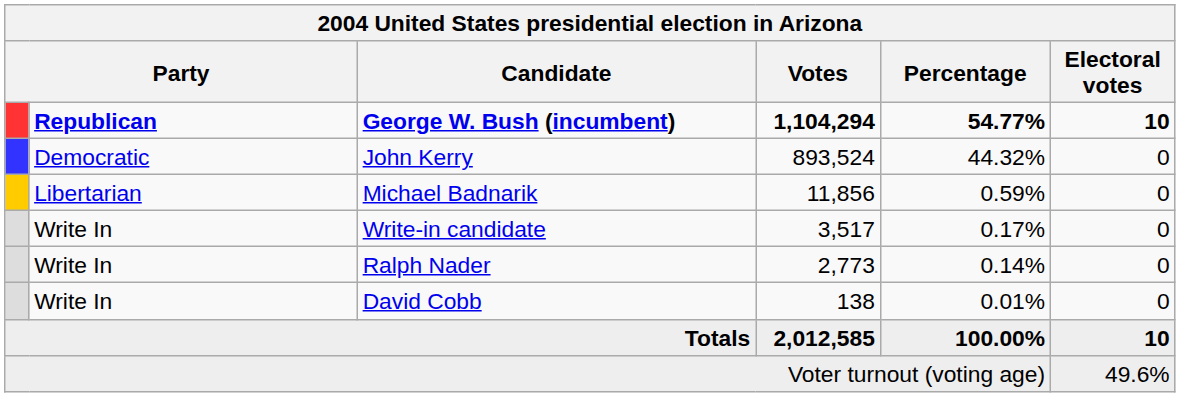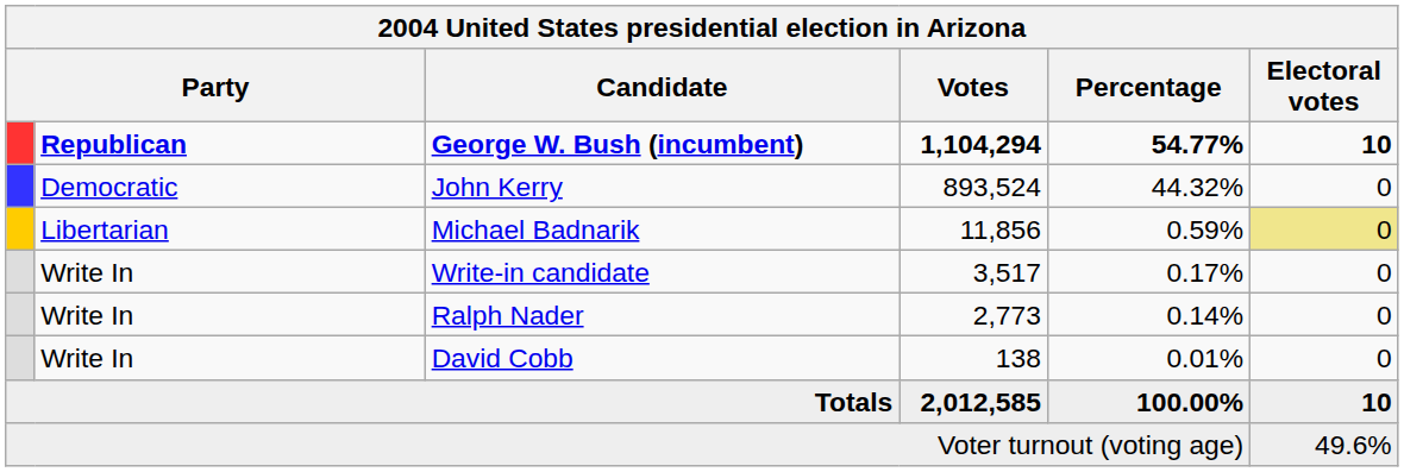 <table class="wikitable" style="font-size: 95%;">
 <tr>
 <th colspan="6">2004 United States presidential election in Arizona</th>
 </tr>
 <tr>
 <th colspan="2" style="width: 15em">Party</th>
 <th style="width: 17em">Candidate</th>
 <th style="width: 5em">Votes</th>
 <th style="width: 7em">Percentage</th>
 <th style="width: 5em">Electoral votes</th>
 </tr>
 <tr>
 <th style="background:#f33; width:3px;"></th>
 <td style="width: 130px"><strong><a href='#'>Republican</a></strong></td>
 <td><strong><a href='#'>George W. Bush</a> (<a href='#'>incumbent</a>)</strong></td>
 <td style="text-align:right;"><strong>1,104,294</strong></td>
 <td style="text-align:right;"><strong>54.77%</strong></td>
 <td style="text-align:right;"><strong>10</strong></td>
 </tr>
 <tr>
 <th style="background:#33f; width:3px;"></th>
 <td style="width: 130px"><a href='#'>Democratic</a></td>
 <td><a href='#'>John Kerry</a></td>
 <td style="text-align:right;">893,524</td>
 <td style="text-align:right;">44.32%</td>
 <td style="text-align:right;">0</td>
 </tr>
 <tr>
 <th style="background:#fc0; width:3px;"></th>
 <td style="width: 130px"><a href='#'>Libertarian</a></td>
 <td><a href='#'>Michael Badnarik</a></td>
 <td style="text-align:right;">11,856</td>
 <td style="text-align:right;">0.59%</td>
-<td style="text-align:right;">0</td>
+<td style="background: khaki; text-align:right;">0</td>
 </tr>
 <tr>
 <th style="background:#ddd; width:3px;"></th>
 <td style="width: 130px">Write In</td>
 <td><a href='#'>Write-in candidate</a></td>
 <td style="text-align:right;">3,517</td>
 <td style="text-align:right;">0.17%</td>
 <td style="text-align:right;">0</td>
 </tr>
 <tr>
 <th style="background:#ddd; width:3px;"></th>
 <td style="width: 130px">Write In</td>
 <td><a href='#'>Ralph Nader</a></td>
 <td style="text-align:right;">2,773</td>
 <td style="text-align:right;">0.14%</td>
 <td style="text-align:right;">0</td>
 </tr>
 <tr>
 <th style="background:#ddd; width:3px;"></th>
 <td style="width: 130px">Write In</td>
 <td><a href='#'>David Cobb</a></td>
 <td style="text-align:right;">138</td>
 <td style="text-align:right;">0.01%</td>
 <td style="text-align:right;">0</td>
 </tr>
 <tr style="background:#eee; text-align:right;">
 <td colspan="3"><strong>Totals</strong></td>
 <td><strong> 2,012,585</strong></td>
 <td><strong>100.00%</strong></td>
 <td><strong>10</strong></td>
 </tr>
 <tr style="background:#eee; text-align:right;">
 <td colspan="5">Voter turnout (voting age)</td>
 <td>49.6%</td>
 </tr>
 </table>
